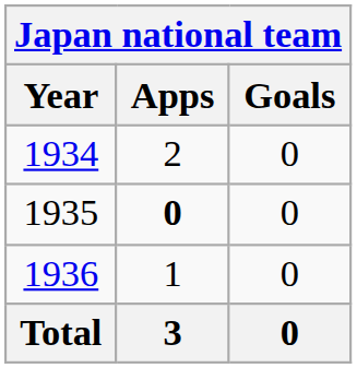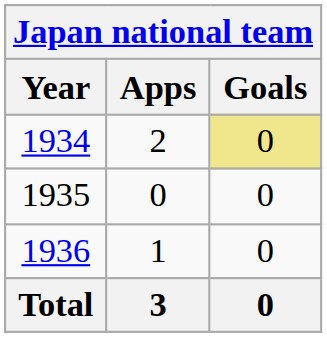 <table class="wikitable" style="text-align:center">
 <tr>
 <th colspan=3><a href='#'>Japan national team</a></th>
 </tr>
 <tr>
 <th>Year</th>
 <th>Apps</th>
 <th>Goals</th>
 </tr>
 <tr>
 <td><a href='#'>1934</a></td>
 <td>2</td>
-<td>0</td>
+<td style="background: khaki;">0</td>
 </tr>
 <tr>
 <td>1935</td>
-<td><strong>0</strong></td>
+<td>0</td>
 <td>0</td>
 </tr>
 <tr>
 <td><a href='#'>1936</a></td>
 <td>1</td>
 <td>0</td>
 </tr>
 <tr>
 <th>Total</th>
 <th>3</th>
 <th>0</th>
 </tr>
 </table>
